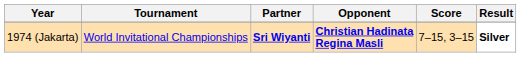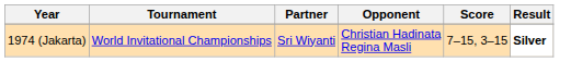 <table class="sortable wikitable" style="font-size:90%">
 <tr>
 <th>Year</th>
 <th>Tournament</th>
 <th>Partner</th>
 <th>Opponent</th>
 <th>Score</th>
 <th>Result</th>
 </tr>
 <tr>
 </tr>
 <tr style="background:#FFE0AF">
 <td align="center">1974 (Jakarta)</td>
 <td align="left"><a href='#'>World Invitational Championships</a></td>
-<td align="left"><strong> <a href='#'>Sri Wiyanti</a></strong></td>
-<td align="left"><strong> <a href='#'>Christian Hadinata</a> <br> <a href='#'>Regina Masli</a></strong></td>
+<td align="left"> <a href='#'>Sri Wiyanti</a></td>
+<td align="left"> <a href='#'>Christian Hadinata</a> <br> <a href='#'>Regina Masli</a></td>
 <td align="left">7–15, 3–15</td>
 <td style="text-align:left; background:white"> <strong>Silver</strong></td>
 </tr>
 </table>
